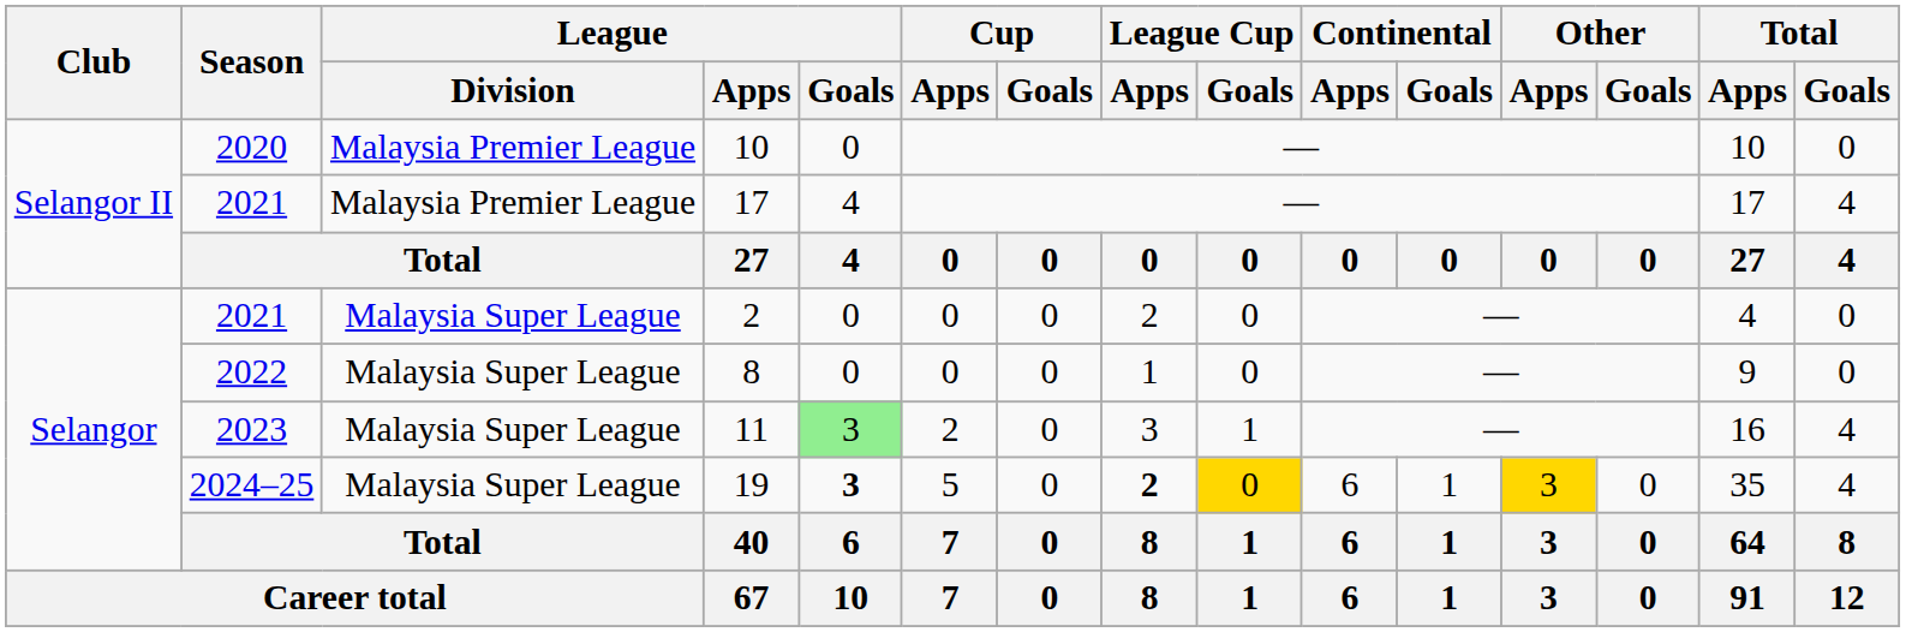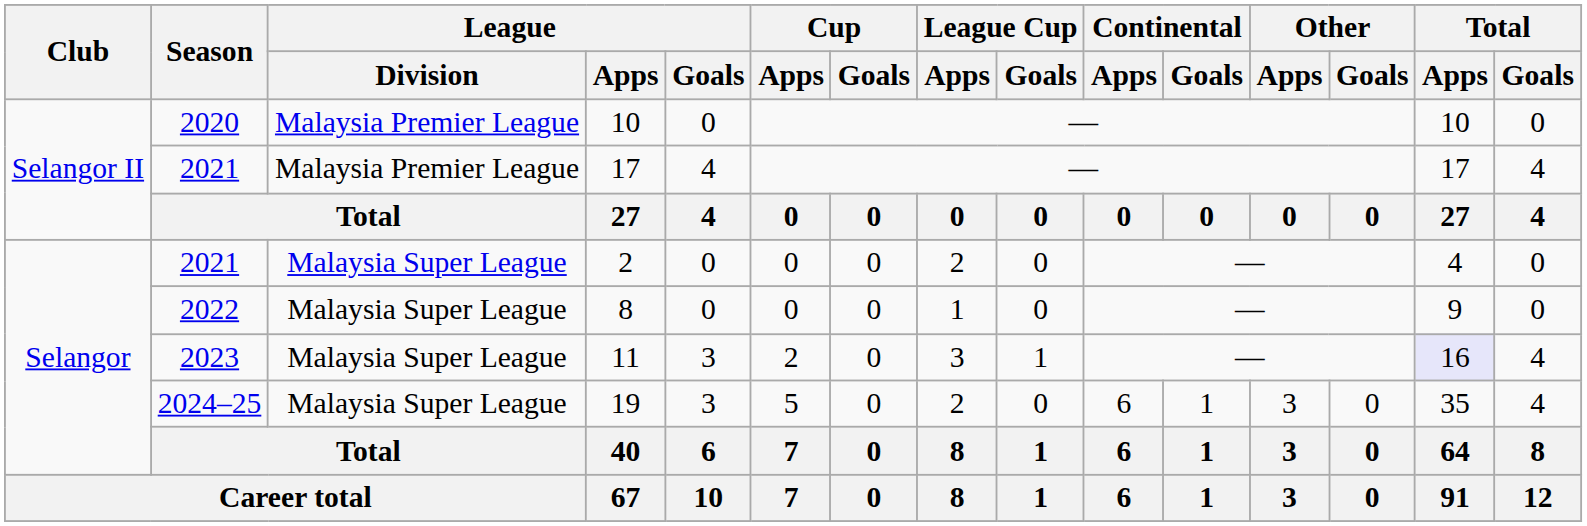 <table class="wikitable" style="text-align: center;">
 <tr>
 <th rowspan="2">Club</th>
 <th rowspan="2">Season</th>
 <th colspan="3">League</th>
 <th colspan="2">Cup</th>
 <th colspan="2">League Cup</th>
 <th colspan="2">Continental</th>
 <th colspan="2">Other</th>
 <th colspan="2">Total</th>
 </tr>
 <tr>
 <th>Division</th>
 <th>Apps</th>
 <th>Goals</th>
 <th>Apps</th>
 <th>Goals</th>
 <th>Apps</th>
 <th>Goals</th>
 <th>Apps</th>
 <th>Goals</th>
 <th>Apps</th>
 <th>Goals</th>
 <th>Apps</th>
 <th>Goals</th>
 </tr>
 <tr>
 <td rowspan="3"><a href='#'>Selangor II</a></td>
 <td><a href='#'>2020</a></td>
 <td><a href='#'>Malaysia Premier League</a></td>
 <td>10</td>
 <td>0</td>
 <td colspan="8">—</td>
 <td>10</td>
 <td>0</td>
 </tr>
 <tr>
 <td><a href='#'>2021</a></td>
 <td>Malaysia Premier League</td>
 <td>17</td>
 <td>4</td>
 <td colspan="8">—</td>
 <td>17</td>
 <td>4</td>
 </tr>
 <tr>
 <th colspan="2">Total</th>
 <th>27</th>
 <th>4</th>
 <th>0</th>
 <th>0</th>
 <th>0</th>
 <th>0</th>
 <th>0</th>
 <th>0</th>
 <th>0</th>
 <th>0</th>
 <th>27</th>
 <th>4</th>
 </tr>
 <tr>
 <td rowspan="5"><a href='#'>Selangor</a></td>
 <td><a href='#'>2021</a></td>
 <td><a href='#'>Malaysia Super League</a></td>
 <td>2</td>
 <td>0</td>
 <td>0</td>
 <td>0</td>
 <td>2</td>
 <td>0</td>
 <td colspan="4">—</td>
 <td>4</td>
 <td>0</td>
 </tr>
 <tr>
 <td><a href='#'>2022</a></td>
 <td>Malaysia Super League</td>
 <td>8</td>
 <td>0</td>
 <td>0</td>
 <td>0</td>
 <td>1</td>
 <td>0</td>
 <td colspan="4">—</td>
 <td>9</td>
 <td>0</td>
 </tr>
 <tr>
 <td><a href='#'>2023</a></td>
 <td>Malaysia Super League</td>
 <td>11</td>
-<td style="background: lightgreen;">3</td>
+<td>3</td>
 <td>2</td>
 <td>0</td>
 <td>3</td>
 <td>1</td>
 <td colspan="4">—</td>
-<td>16</td>
+<td style="background: lavender;">16</td>
 <td>4</td>
 </tr>
 <tr>
 <td><a href='#'>2024–25</a></td>
 <td>Malaysia Super League</td>
 <td>19</td>
-<td><strong>3</strong></td>
+<td>3</td>
 <td>5</td>
 <td>0</td>
-<td><strong>2</strong></td>
-<td style="background: gold;">0</td>
+<td>2</td>
+<td>0</td>
 <td>6</td>
 <td>1</td>
-<td style="background: gold;">3</td>
+<td>3</td>
 <td>0</td>
 <td>35</td>
 <td>4</td>
 </tr>
 <tr>
 <th colspan="2">Total</th>
 <th>40</th>
 <th>6</th>
 <th>7</th>
 <th>0</th>
 <th>8</th>
 <th>1</th>
 <th>6</th>
 <th>1</th>
 <th>3</th>
 <th>0</th>
 <th>64</th>
 <th>8</th>
 </tr>
 <tr>
 <th colspan="3">Career total</th>
 <th>67</th>
 <th>10</th>
 <th>7</th>
 <th>0</th>
 <th>8</th>
 <th>1</th>
 <th>6</th>
 <th>1</th>
 <th>3</th>
 <th>0</th>
 <th>91</th>
 <th>12</th>
 </tr>
 </table>
